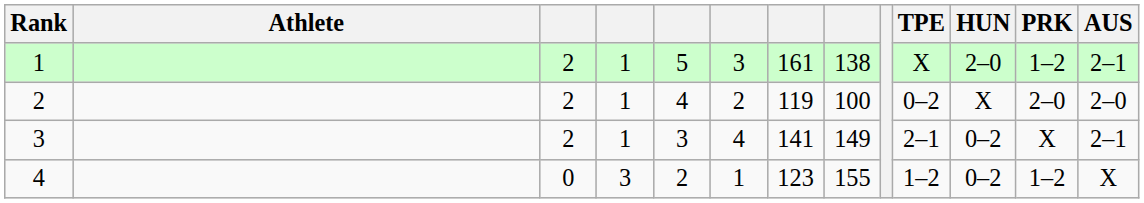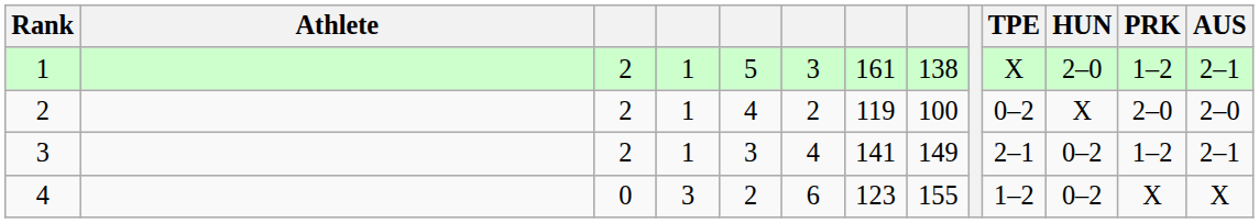 <table class="wikitable" style="text-align:center">
 <tr>
 <th>Rank</th>
 <th width=300>Athlete</th>
 <th width=30></th>
 <th width=30></th>
 <th width=30></th>
 <th width=30></th>
 <th width=30></th>
 <th width=30></th>
 <th rowspan=5></th>
 <th width=30>TPE</th>
 <th width=30>HUN</th>
 <th width=30>PRK</th>
 <th width=30>AUS</th>
 </tr>
 <tr style="background-color:#ccffcc;">
 <td>1</td>
 <td align=left></td>
 <td>2</td>
 <td>1</td>
 <td>5</td>
 <td>3</td>
 <td>161</td>
 <td>138</td>
 <td>X</td>
 <td>2–0</td>
 <td>1–2</td>
 <td>2–1</td>
 </tr>
 <tr>
 <td>2</td>
 <td align=left></td>
 <td>2</td>
 <td>1</td>
 <td>4</td>
 <td>2</td>
 <td>119</td>
 <td>100</td>
 <td>0–2</td>
 <td>X</td>
 <td>2–0</td>
 <td>2–0</td>
 </tr>
 <tr>
 <td>3</td>
 <td align=left></td>
 <td>2</td>
 <td>1</td>
 <td>3</td>
 <td>4</td>
 <td>141</td>
 <td>149</td>
 <td>2–1</td>
 <td>0–2</td>
-<td>X</td>
+<td>1–2</td>
 <td>2–1</td>
 </tr>
 <tr>
 <td>4</td>
 <td align=left></td>
 <td>0</td>
 <td>3</td>
 <td>2</td>
-<td>1</td>
+<td>6</td>
 <td>123</td>
 <td>155</td>
 <td>1–2</td>
 <td>0–2</td>
-<td>1–2</td>
+<td>X</td>
 <td>X</td>
 </tr>
 </table>
